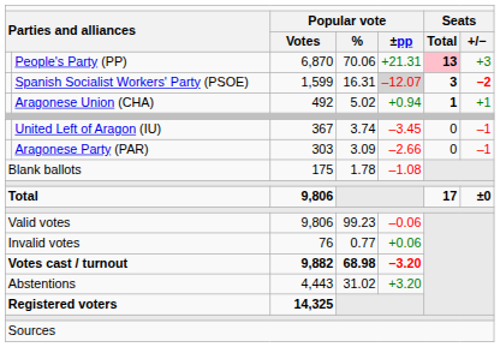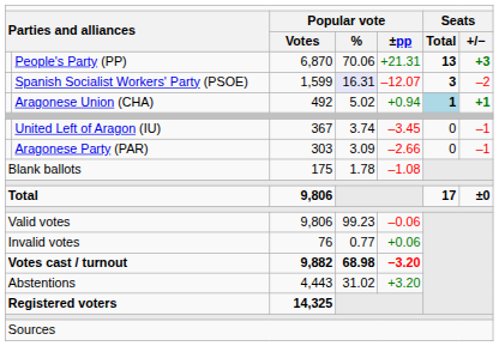 <table class="wikitable" style="text-align:right;">
 <tr>
 <td colspan="7"></td>
 </tr>
 <tr>
 <th style="text-align:left;" rowspan="2" colspan="2" width="525">Parties and alliances</th>
 <th colspan="3">Popular vote</th>
 <th colspan="2">Seats</th>
 </tr>
 <tr>
 <th width="75">Votes</th>
 <th width="45">%</th>
 <th width="45">±<a href='#'>pp</a></th>
 <th width="35">Total</th>
 <th width="35">+/−</th>
 </tr>
 <tr>
 <td width="1" style="color:inherit;background:"></td>
 <td align="left"><a href='#'>People's Party</a> (PP)</td>
 <td>6,870</td>
 <td>70.06</td>
 <td style="color:green;">+21.31</td>
-<td style="background: pink;"><strong>13</strong></td>
-<td style="color:green;">+3</td>
+<td><strong>13</strong></td>
+<td style="color:green;"><strong>+3</strong></td>
 </tr>
 <tr>
 <td style="color:inherit;background:"></td>
 <td align="left"><a href='#'>Spanish Socialist Workers' Party</a> (PSOE)</td>
 <td>1,599</td>
-<td>16.31</td>
-<td style="background: lightgrey; color:red;">–12.07</td>
+<td style="background: lavender;">16.31</td>
+<td style="color:red;">–12.07</td>
 <td><strong>3</strong></td>
-<td style="color:red;"><strong>–2</strong></td>
+<td style="color:red;">–2</td>
 </tr>
 <tr>
 <td style="color:inherit;background:"></td>
 <td align="left"><a href='#'>Aragonese Union</a> (CHA)</td>
 <td>492</td>
 <td>5.02</td>
 <td style="color:green;">+0.94</td>
-<td><strong>1</strong></td>
-<td style="color:green;">+1</td>
+<td style="background: lightblue;"><strong>1</strong></td>
+<td style="color:green;"><strong>+1</strong></td>
 </tr>
 <tr>
 <td colspan="7" bgcolor="#C0C0C0"></td>
 </tr>
 <tr>
 <td style="color:inherit;background:"></td>
 <td align="left"><a href='#'>United Left of Aragon</a> (IU)</td>
 <td>367</td>
 <td>3.74</td>
 <td style="color:red;">–3.45</td>
 <td>0</td>
 <td style="color:red;">–1</td>
 </tr>
 <tr>
 <td style="color:inherit;background:"></td>
 <td align="left"><a href='#'>Aragonese Party</a> (PAR)</td>
 <td>303</td>
 <td>3.09</td>
 <td style="color:red;">–2.66</td>
 <td>0</td>
 <td style="color:red;">–1</td>
 </tr>
 <tr>
 <td align="left" colspan="2">Blank ballots</td>
 <td>175</td>
 <td>1.78</td>
 <td style="color:red;">–1.08</td>
 <td bgcolor="#E9E9E9" colspan="2"></td>
 </tr>
 <tr>
 <td colspan="7" bgcolor="#E9E9E9"></td>
 </tr>
 <tr style="font-weight:bold;">
 <td align="left" colspan="2">Total</td>
 <td>9,806</td>
 <td bgcolor="#E9E9E9" colspan="2"></td>
 <td>17</td>
 <td>±0</td>
 </tr>
 <tr>
 <td colspan="7" bgcolor="#E9E9E9"></td>
 </tr>
 <tr>
 <td align="left" colspan="2">Valid votes</td>
 <td>9,806</td>
 <td>99.23</td>
 <td style="color:red;">–0.06</td>
 <td bgcolor="#E9E9E9" colspan="2" rowspan="5"></td>
 </tr>
 <tr>
 <td align="left" colspan="2">Invalid votes</td>
 <td>76</td>
 <td>0.77</td>
 <td style="color:green;">+0.06</td>
 </tr>
 <tr style="font-weight:bold;">
 <td align="left" colspan="2">Votes cast / turnout</td>
 <td>9,882</td>
 <td>68.98</td>
 <td style="color:red;">–3.20</td>
 </tr>
 <tr>
 <td align="left" colspan="2">Abstentions</td>
 <td>4,443</td>
 <td>31.02</td>
 <td style="color:green;">+3.20</td>
 </tr>
 <tr style="font-weight:bold;">
 <td align="left" colspan="2">Registered voters</td>
 <td>14,325</td>
 <td bgcolor="#E9E9E9" colspan="2"></td>
 </tr>
 <tr>
 <td colspan="7" bgcolor="#E9E9E9"></td>
 </tr>
 <tr>
 <td align="left" colspan="7">Sources</td>
 </tr>
 </table>
